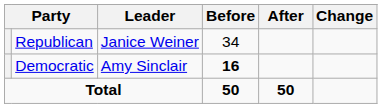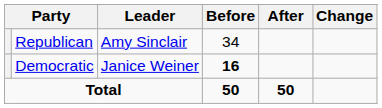 <table class="wikitable" style="text-align:center;">
 <tr>
 </tr>
 <tr>
 <th colspan="2">Party</th>
 <th>Leader</th>
 <th style="width:3em">Before</th>
 <th style="width:3em">After</th>
 <th style="width:3em">Change</th>
 </tr>
 <tr>
 <th style="background-color:"></th>
 <td style="text-align:left;"><a href='#'>Republican</a></td>
-<td style="text-align:left;"><a href='#'>Janice Weiner</a></td>
+<td style="text-align:left;"><a href='#'>Amy Sinclair</a></td>
 <td>34</td>
 <td></td>
 <td></td>
 </tr>
 <tr>
 <th style="background-color:"></th>
 <td style="text-align:left;"><a href='#'>Democratic</a></td>
-<td style="text-align:left;"><a href='#'>Amy Sinclair</a></td>
+<td style="text-align:left;"><a href='#'>Janice Weiner</a></td>
 <td><strong>16</strong></td>
 <td></td>
 <td></td>
 </tr>
 <tr>
 <td colspan="3"><strong>Total</strong></td>
 <td><strong>50</strong></td>
 <td><strong>50</strong></td>
 <td></td>
 </tr>
 </table>
